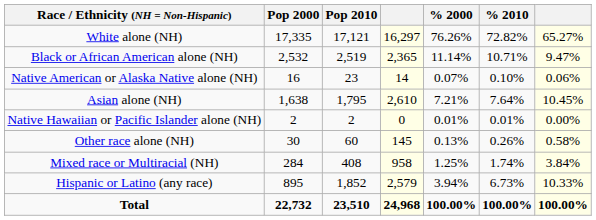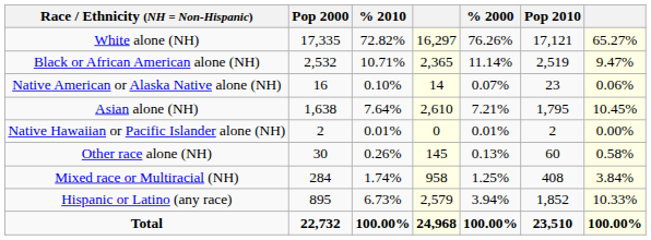 <table class="wikitable" style="text-align:center;">
 <tr>
 <th>Race / Ethnicity <small>(<em>NH = Non-Hispanic</em>)</small></th>
 <th>Pop 2000</th>
-<th>Pop 2010</th>
+<th>% 2010</th>
 <th></th>
 <th>% 2000</th>
-<th>% 2010</th>
+<th>Pop 2010</th>
 <th></th>
 </tr>
 <tr>
 <td><a href='#'>White</a> alone (NH)</td>
 <td>17,335</td>
-<td>17,121</td>
+<td>72.82%</td>
 <td style='background: #ffffe6;'>16,297</td>
 <td>76.26%</td>
-<td>72.82%</td>
+<td>17,121</td>
 <td style='background: #ffffe6;'>65.27%</td>
 </tr>
 <tr>
 <td><a href='#'>Black or African American</a> alone (NH)</td>
 <td>2,532</td>
-<td>2,519</td>
+<td>10.71%</td>
 <td style='background: #ffffe6;'>2,365</td>
 <td>11.14%</td>
-<td>10.71%</td>
+<td>2,519</td>
 <td style='background: #ffffe6;'>9.47%</td>
 </tr>
 <tr>
 <td><a href='#'>Native American</a> or <a href='#'>Alaska Native</a> alone (NH)</td>
 <td>16</td>
-<td>23</td>
+<td>0.10%</td>
 <td style='background: #ffffe6;'>14</td>
 <td>0.07%</td>
-<td>0.10%</td>
+<td>23</td>
 <td style='background: #ffffe6;'>0.06%</td>
 </tr>
 <tr>
 <td><a href='#'>Asian</a> alone (NH)</td>
 <td>1,638</td>
-<td>1,795</td>
+<td>7.64%</td>
 <td style='background: #ffffe6;'>2,610</td>
 <td>7.21%</td>
-<td>7.64%</td>
+<td>1,795</td>
 <td style='background: #ffffe6;'>10.45%</td>
 </tr>
 <tr>
 <td><a href='#'>Native Hawaiian</a> or <a href='#'>Pacific Islander</a> alone (NH)</td>
 <td>2</td>
-<td>2</td>
+<td>0.01%</td>
 <td style='background: #ffffe6;'>0</td>
 <td>0.01%</td>
-<td>0.01%</td>
+<td>2</td>
 <td style='background: #ffffe6;'>0.00%</td>
 </tr>
 <tr>
 <td><a href='#'>Other race</a> alone (NH)</td>
 <td>30</td>
-<td>60</td>
+<td>0.26%</td>
 <td style='background: #ffffe6;'>145</td>
 <td>0.13%</td>
-<td>0.26%</td>
+<td>60</td>
 <td style='background: #ffffe6;'>0.58%</td>
 </tr>
 <tr>
 <td><a href='#'>Mixed race or Multiracial</a> (NH)</td>
 <td>284</td>
-<td>408</td>
+<td>1.74%</td>
 <td style='background: #ffffe6;'>958</td>
 <td>1.25%</td>
-<td>1.74%</td>
+<td>408</td>
 <td style='background: #ffffe6;'>3.84%</td>
 </tr>
 <tr>
 <td><a href='#'>Hispanic or Latino</a> (any race)</td>
 <td>895</td>
-<td>1,852</td>
+<td>6.73%</td>
 <td style='background: #ffffe6;'>2,579</td>
 <td>3.94%</td>
-<td>6.73%</td>
+<td>1,852</td>
 <td style='background: #ffffe6;'>10.33%</td>
 </tr>
 <tr>
 <td><strong>Total</strong></td>
 <td><strong>22,732</strong></td>
-<td><strong>23,510</strong></td>
+<td><strong>100.00%</strong></td>
 <td style='background: #ffffe6;'><strong>24,968</strong></td>
 <td><strong>100.00%</strong></td>
-<td><strong>100.00%</strong></td>
+<td><strong>23,510</strong></td>
 <td style='background: #ffffe6;'><strong>100.00%</strong></td>
 </tr>
 </table>
